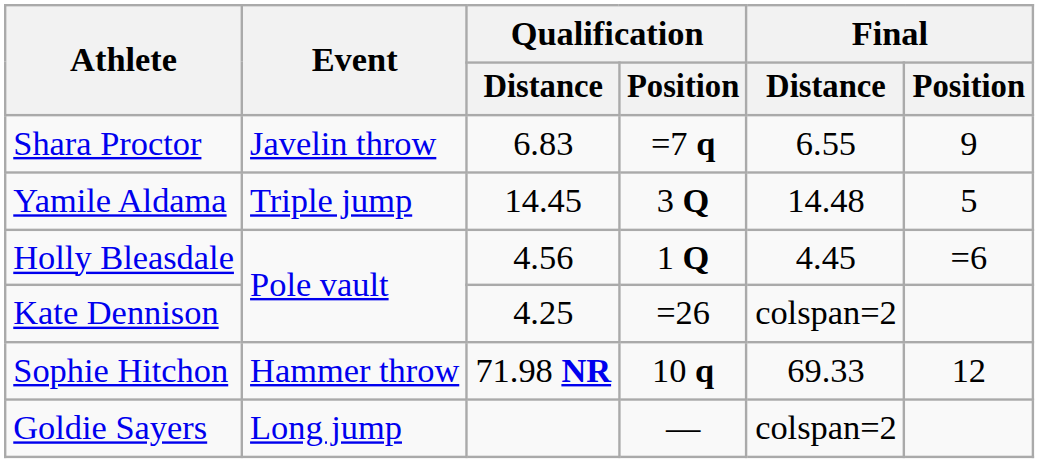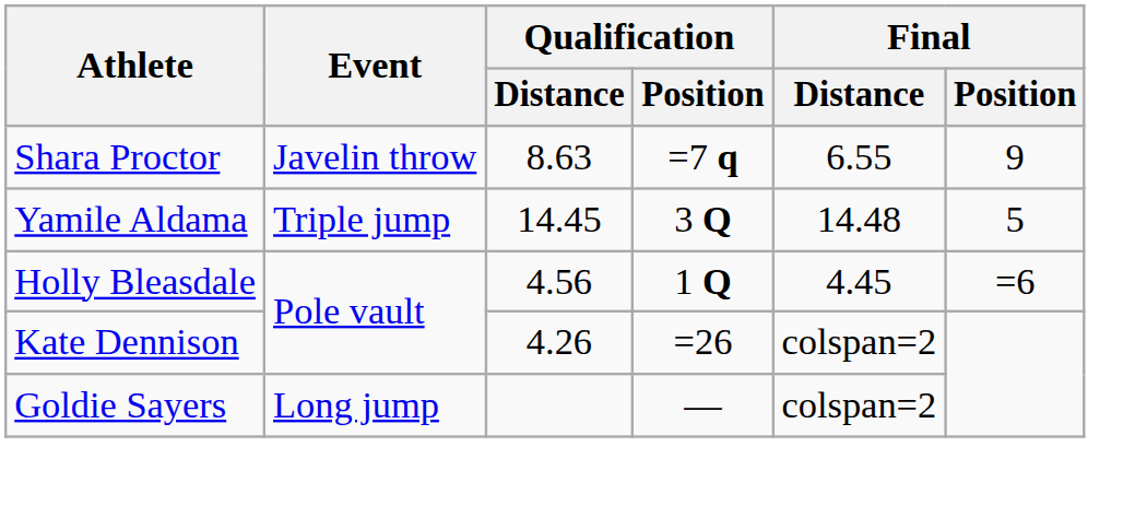 <table class=wikitable style="text-align:center; font-size:90%;">
 <tr>
 <th rowspan="2">Athlete</th>
 <th rowspan="2">Event</th>
 <th colspan="2">Qualification</th>
 <th colspan="2">Final</th>
 </tr>
 <tr style="font-size:95%">
 <th>Distance</th>
 <th>Position</th>
 <th>Distance</th>
 <th>Position</th>
 </tr>
 <tr>
 <td style="text-align:left;"><a href='#'>Shara Proctor</a></td>
 <td style="text-align:left;"><a href='#'>Javelin throw</a></td>
-<td>6.83</td>
+<td>8.63</td>
 <td>=7 <strong>q</strong></td>
 <td>6.55</td>
 <td>9</td>
 </tr>
 <tr>
 <td style="text-align:left;"><a href='#'>Yamile Aldama</a></td>
 <td style="text-align:left;"><a href='#'>Triple jump</a></td>
 <td>14.45</td>
 <td>3 <strong>Q</strong></td>
 <td>14.48</td>
 <td>5</td>
 </tr>
 <tr>
 <td style="text-align:left;"><a href='#'>Holly Bleasdale</a></td>
 <td style="text-align:left;" rowspan="2"><a href='#'>Pole vault</a></td>
 <td>4.56</td>
 <td>1 <strong>Q</strong></td>
 <td>4.45</td>
 <td>=6</td>
 </tr>
 <tr>
 <td style="text-align:left;"><a href='#'>Kate Dennison</a></td>
-<td>4.25</td>
+<td>4.26</td>
 <td>=26</td>
 <td>colspan=2 </td>
-</tr>
-<tr>
-<td style="text-align:left;"><a href='#'>Sophie Hitchon</a></td>
-<td style="text-align:left;"><a href='#'>Hammer throw</a></td>
-<td>71.98 <strong><a href='#'>NR</a></strong></td>
-<td>10 <strong>q</strong></td>
-<td>69.33</td>
-<td>12</td>
 </tr>
 <tr>
 <td style="text-align:left;"><a href='#'>Goldie Sayers</a></td>
 <td style="text-align:left;"><a href='#'>Long jump</a></td>
 <td></td>
 <td>—</td>
 <td>colspan=2 </td>
 </tr>
 </table>
